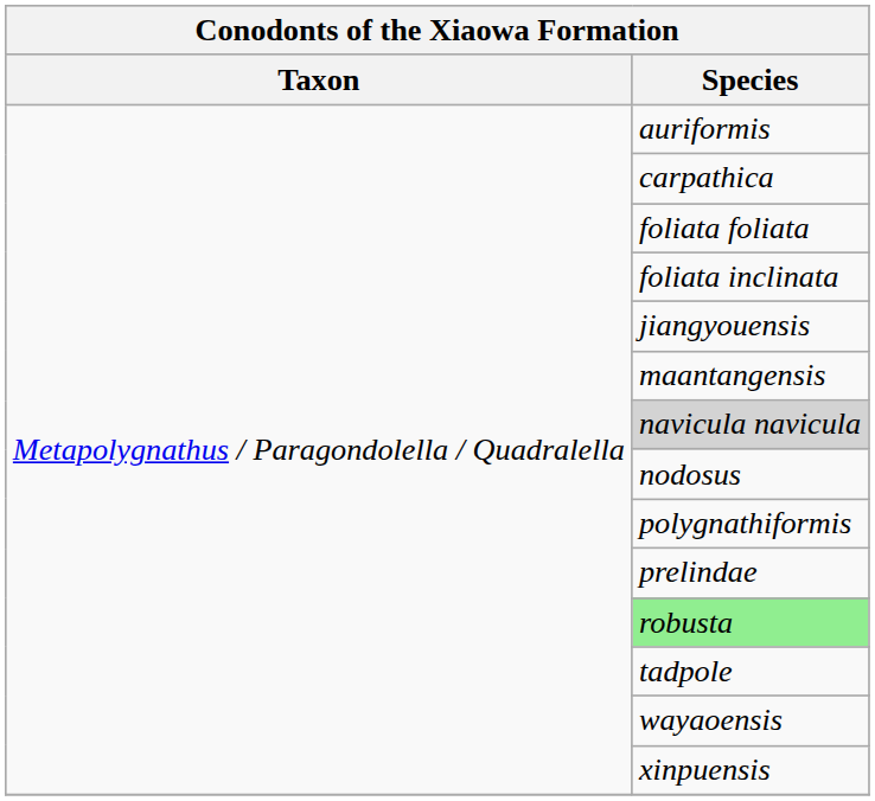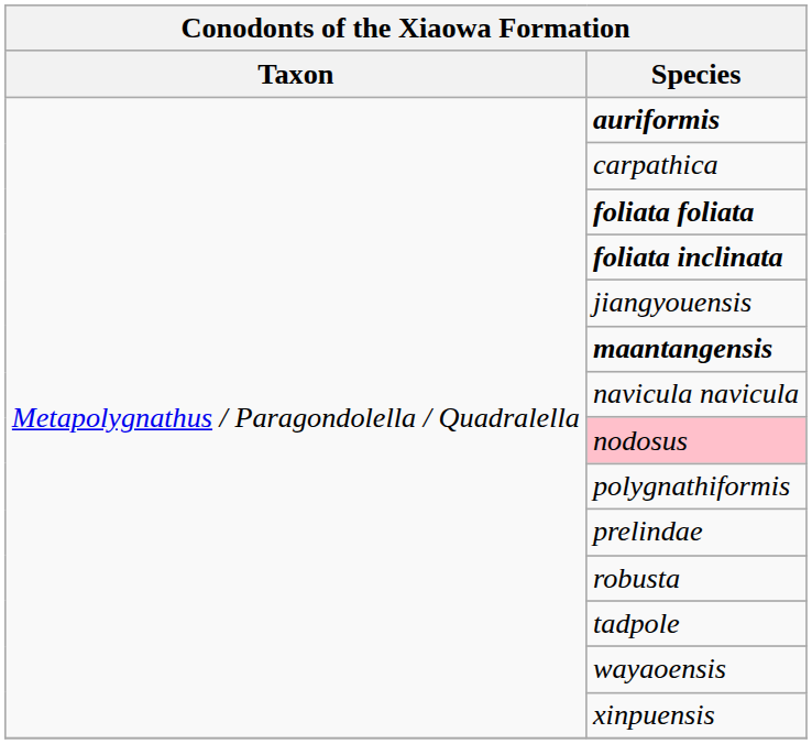 <table class="wikitable" align="center">
 <tr>
 <th colspan="3" align="center"><strong>Conodonts of the Xiaowa Formation</strong></th>
 </tr>
 <tr>
 <th>Taxon</th>
 <th>Species</th>
 </tr>
 <tr>
 <td rowspan="14"><em><a href='#'>Metapolygnathus</a> / Paragondolella / Quadralella</em></td>
-<td><em>auriformis</em></td>
+<td><strong><em>auriformis</em></strong></td>
 </tr>
 <tr>
 <td><em>carpathica</em></td>
 </tr>
 <tr>
-<td><em>foliata foliata</em></td>
+<td><strong><em>foliata foliata</em></strong></td>
 </tr>
 <tr>
-<td><em>foliata inclinata</em></td>
+<td><strong><em>foliata inclinata</em></strong></td>
 </tr>
 <tr>
 <td><em>jiangyouensis</em></td>
 </tr>
 <tr>
-<td><em>maantangensis</em></td>
+<td><strong><em>maantangensis</em></strong></td>
 </tr>
 <tr>
-<td style="background: lightgrey;"><em>navicula navicula</em></td>
+<td><em>navicula navicula</em></td>
 </tr>
 <tr>
-<td><em>nodosus</em></td>
+<td style="background: pink;"><em>nodosus</em></td>
 </tr>
 <tr>
 <td><em>polygnathiformis</em></td>
 </tr>
 <tr>
 <td><em>prelindae</em></td>
 </tr>
 <tr>
-<td style="background: lightgreen;"><em>robusta</em></td>
+<td><em>robusta</em></td>
 </tr>
 <tr>
 <td><em>tadpole</em></td>
 </tr>
 <tr>
 <td><em>wayaoensis</em></td>
 </tr>
 <tr>
 <td><em>xinpuensis</em></td>
 </tr>
 <tr>
 </tr>
 </table>
